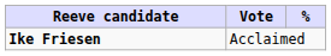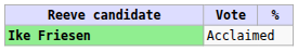 <table class="wikitable">
 <tr>
 <th style="background:#ddf;" width="200px">Reeve candidate</th>
 <th style="background:#ddf;" width="50px">Vote</th>
 <th style="background:#ddf;" width="30px">%</th>
 </tr>
 <tr>
-<td><strong>Ike Friesen</strong></td>
+<td style="background: lightgreen;"><strong>Ike Friesen</strong></td>
 <td colspan="2">Acclaimed</td>
 </tr>
 </table>
